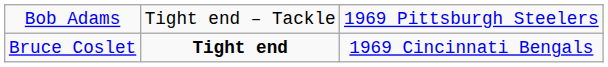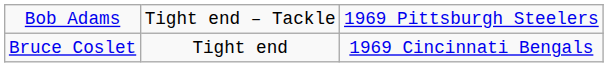 <table class=wikitable style="text-align:center">
 <tr>
 <td><a href='#'>Bob Adams</a></td>
 <td>Tight end – Tackle</td>
 <td><a href='#'>1969 Pittsburgh Steelers</a></td>
 </tr>
 <tr>
 <td><a href='#'>Bruce Coslet</a></td>
-<td><strong>Tight end</strong></td>
+<td>Tight end</td>
 <td><a href='#'>1969 Cincinnati Bengals</a></td>
 </tr>
 </table>
